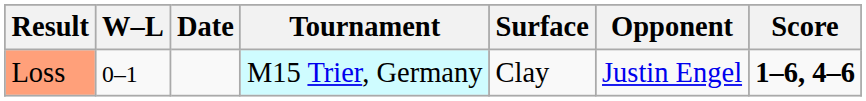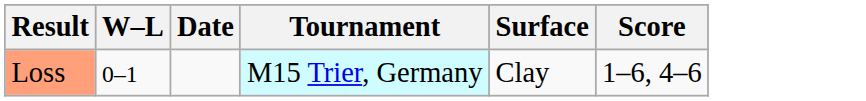 <table class="sortable wikitable nowrap">
 <tr>
 <th>Result</th>
 <th class="unsortable">W–L</th>
 <th>Date</th>
 <th>Tournament</th>
 <th>Surface</th>
-<th>Opponent</th>
 <th class="unsortable">Score</th>
 </tr>
 <tr>
 <td style="background:#FFA07A">Loss</td>
 <td><small>0–1</small></td>
 <td></td>
 <td style="background:#cffcff;">M15 <a href='#'>Trier</a>, Germany</td>
 <td>Clay</td>
-<td> <a href='#'>Justin Engel</a></td>
-<td><strong>1–6, 4–6</strong></td>
+<td>1–6, 4–6</td>
 </tr>
 </table>
